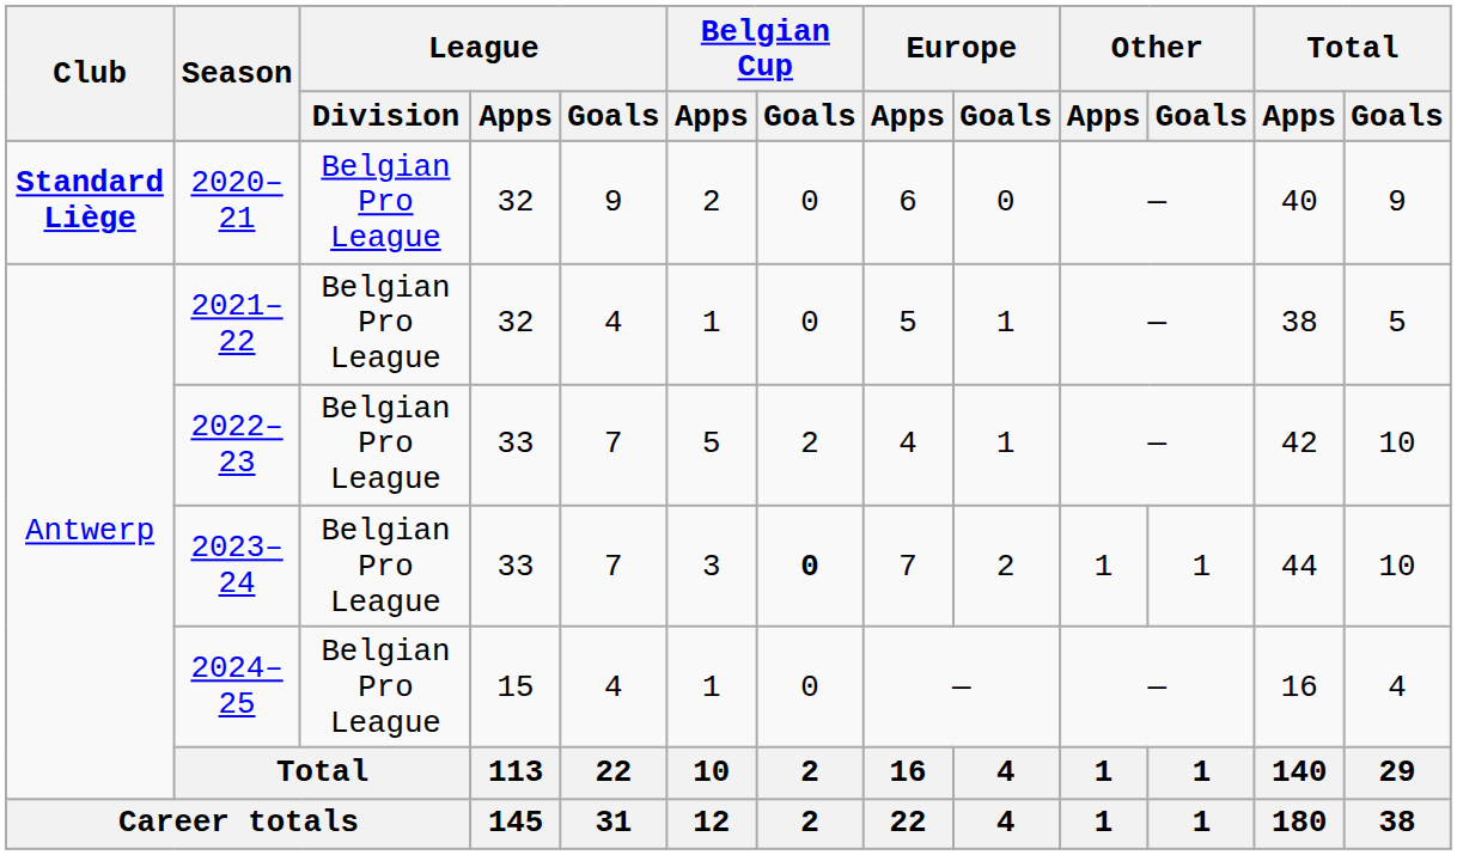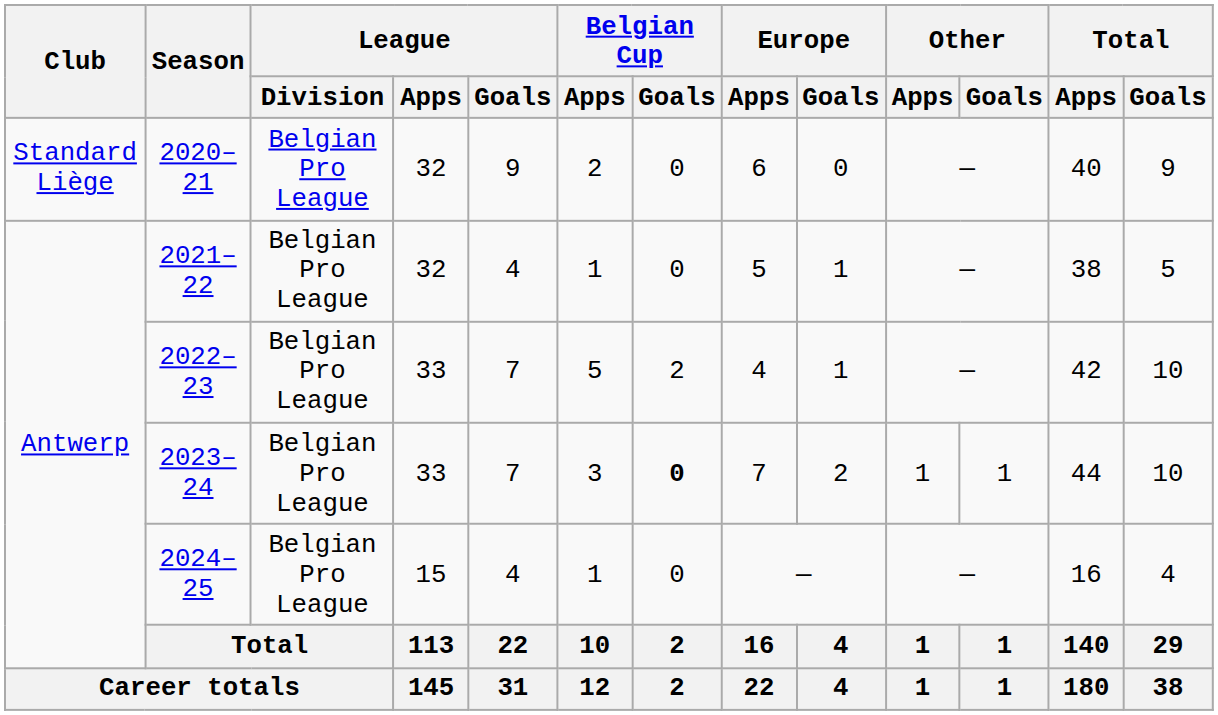 <table class="wikitable" style="text-align:center">
 <tr>
 <th rowspan="2">Club</th>
 <th rowspan="2">Season</th>
 <th colspan="3">League</th>
 <th colspan="2"><a href='#'>Belgian Cup</a></th>
 <th colspan="2">Europe</th>
 <th colspan="2">Other</th>
 <th colspan="2">Total</th>
 </tr>
 <tr>
 <th>Division</th>
 <th>Apps</th>
 <th>Goals</th>
 <th>Apps</th>
 <th>Goals</th>
 <th>Apps</th>
 <th>Goals</th>
 <th>Apps</th>
 <th>Goals</th>
 <th>Apps</th>
 <th>Goals</th>
 </tr>
 <tr>
-<td><strong><a href='#'>Standard Liège</a></strong></td>
+<td><a href='#'>Standard Liège</a></td>
 <td><a href='#'>2020–21</a></td>
 <td><a href='#'>Belgian Pro League</a></td>
 <td>32</td>
 <td>9</td>
 <td>2</td>
 <td>0</td>
 <td>6</td>
 <td>0</td>
 <td colspan="2">—</td>
 <td>40</td>
 <td>9</td>
 </tr>
 <tr>
 <td rowspan="5"><a href='#'>Antwerp</a></td>
 <td><a href='#'>2021–22</a></td>
 <td>Belgian Pro League</td>
 <td>32</td>
 <td>4</td>
 <td>1</td>
 <td>0</td>
 <td>5</td>
 <td>1</td>
 <td colspan="2">—</td>
 <td>38</td>
 <td>5</td>
 </tr>
 <tr>
 <td><a href='#'>2022–23</a></td>
 <td>Belgian Pro League</td>
 <td>33</td>
 <td>7</td>
 <td>5</td>
 <td>2</td>
 <td>4</td>
 <td>1</td>
 <td colspan="2">—</td>
 <td>42</td>
 <td>10</td>
 </tr>
 <tr>
 <td><a href='#'>2023–24</a></td>
 <td>Belgian Pro League</td>
 <td>33</td>
 <td>7</td>
 <td>3</td>
 <td><strong>0</strong></td>
 <td>7</td>
 <td>2</td>
 <td>1</td>
 <td>1</td>
 <td>44</td>
 <td>10</td>
 </tr>
 <tr>
 <td><a href='#'>2024–25</a></td>
 <td>Belgian Pro League</td>
 <td>15</td>
 <td>4</td>
 <td>1</td>
 <td>0</td>
 <td colspan="2">—</td>
 <td colspan="2">—</td>
 <td>16</td>
 <td>4</td>
 </tr>
 <tr>
 <th colspan="2">Total</th>
 <th>113</th>
 <th>22</th>
 <th>10</th>
 <th>2</th>
 <th>16</th>
 <th>4</th>
 <th>1</th>
 <th>1</th>
 <th>140</th>
 <th>29</th>
 </tr>
 <tr>
 <th colspan="3">Career totals</th>
 <th>145</th>
 <th>31</th>
 <th>12</th>
 <th>2</th>
 <th>22</th>
 <th>4</th>
 <th>1</th>
 <th>1</th>
 <th>180</th>
 <th>38</th>
 </tr>
 </table>
